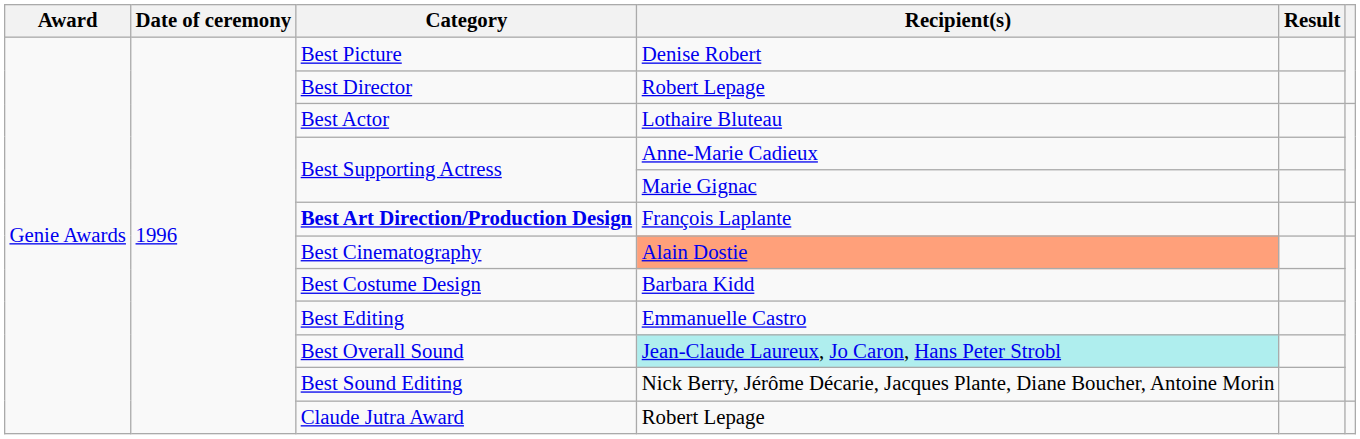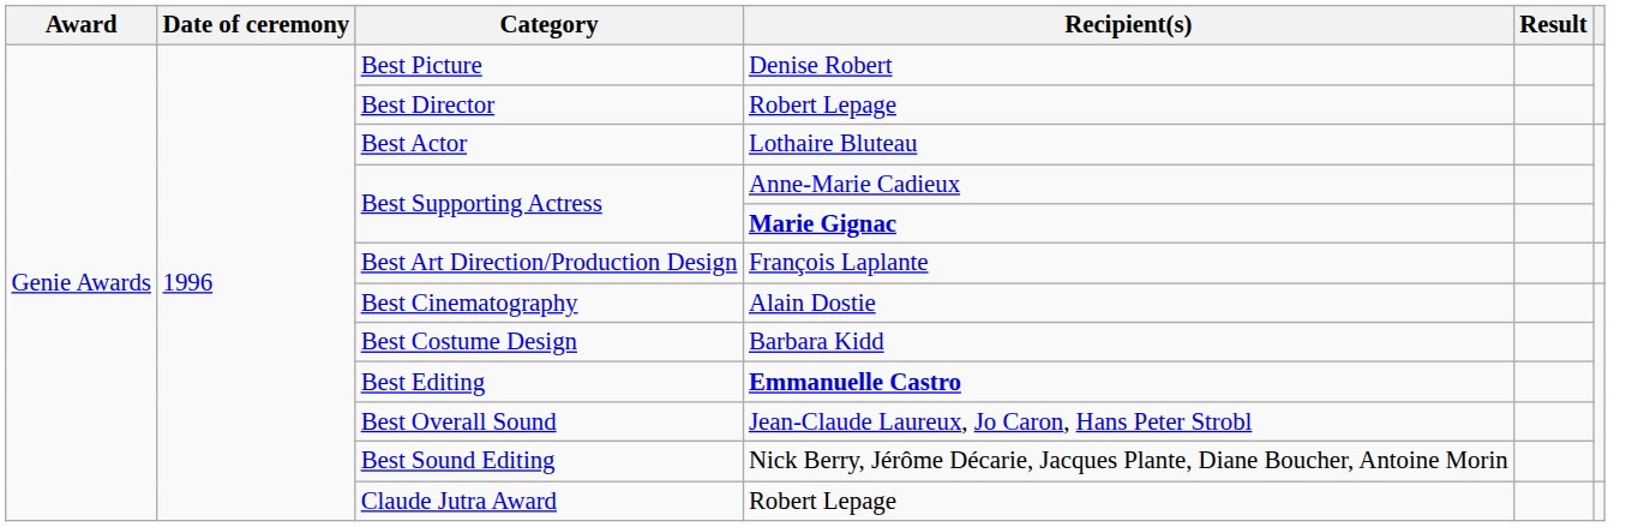 <table class="wikitable sortable plainrowheaders">
 <tr>
 <th scope="col">Award</th>
 <th scope="col">Date of ceremony</th>
 <th scope="col">Category</th>
 <th scope="col">Recipient(s)</th>
 <th scope="col">Result</th>
 <th scope="col" class="unsortable"></th>
 </tr>
 <tr>
 <td rowspan=12><a href='#'>Genie Awards</a></td>
 <td rowspan=12><a href='#'>1996</a></td>
 <td><a href='#'>Best Picture</a></td>
 <td><a href='#'>Denise Robert</a></td>
 <td></td>
 <td rowspan=2></td>
 </tr>
 <tr>
 <td><a href='#'>Best Director</a></td>
 <td><a href='#'>Robert Lepage</a></td>
 <td></td>
 </tr>
 <tr>
 <td><a href='#'>Best Actor</a></td>
 <td><a href='#'>Lothaire Bluteau</a></td>
 <td></td>
 <td rowspan=3></td>
 </tr>
 <tr>
 <td rowspan=2><a href='#'>Best Supporting Actress</a></td>
 <td><a href='#'>Anne-Marie Cadieux</a></td>
 <td></td>
 </tr>
 <tr>
-<td><a href='#'>Marie Gignac</a></td>
+<td><strong><a href='#'>Marie Gignac</a></strong></td>
 <td></td>
 </tr>
 <tr>
-<td><strong><a href='#'>Best Art Direction/Production Design</a></strong></td>
+<td><a href='#'>Best Art Direction/Production Design</a></td>
 <td><a href='#'>François Laplante</a></td>
 <td></td>
 <td></td>
 </tr>
 <tr>
 <td><a href='#'>Best Cinematography</a></td>
-<td style="background: lightsalmon;"><a href='#'>Alain Dostie</a></td>
+<td><a href='#'>Alain Dostie</a></td>
 <td></td>
 <td rowspan=5></td>
 </tr>
 <tr>
 <td><a href='#'>Best Costume Design</a></td>
 <td><a href='#'>Barbara Kidd</a></td>
 <td></td>
 </tr>
 <tr>
 <td><a href='#'>Best Editing</a></td>
-<td><a href='#'>Emmanuelle Castro</a></td>
+<td><strong><a href='#'>Emmanuelle Castro</a></strong></td>
 <td></td>
 </tr>
 <tr>
 <td><a href='#'>Best Overall Sound</a></td>
-<td style="background: paleturquoise;"><a href='#'>Jean-Claude Laureux</a>, <a href='#'>Jo Caron</a>, <a href='#'>Hans Peter Strobl</a></td>
+<td><a href='#'>Jean-Claude Laureux</a>, <a href='#'>Jo Caron</a>, <a href='#'>Hans Peter Strobl</a></td>
 <td></td>
 </tr>
 <tr>
 <td><a href='#'>Best Sound Editing</a></td>
 <td>Nick Berry, Jérôme Décarie, Jacques Plante, Diane Boucher, Antoine Morin</td>
 <td></td>
 </tr>
 <tr>
 <td><a href='#'>Claude Jutra Award</a></td>
 <td>Robert Lepage</td>
 <td></td>
 <td></td>
 </tr>
 </table>
